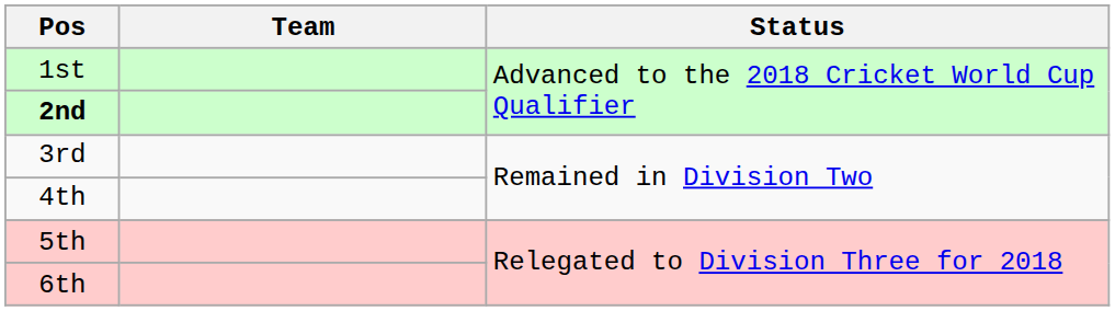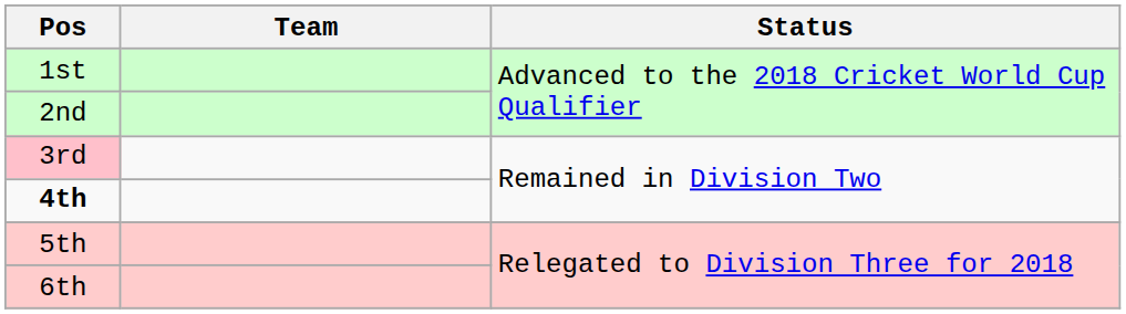 <table class="wikitable">
 <tr>
 <th width=50>Pos</th>
 <th width=175>Team</th>
 <th width=300>Status</th>
 </tr>
 <tr style="background:#cfc">
 <td align="center">1st</td>
 <td></td>
 <td rowspan=2>Advanced to the <a href='#'>2018 Cricket World Cup Qualifier</a></td>
 </tr>
 <tr style="background:#cfc">
-<td align="center"><strong>2nd</strong></td>
+<td align="center">2nd</td>
 <td></td>
 </tr>
 <tr>
-<td align="center">3rd</td>
+<td align="center" style="background: pink;">3rd</td>
 <td></td>
 <td rowspan=2>Remained in <a href='#'>Division Two</a></td>
 </tr>
 <tr>
-<td align="center">4th</td>
+<td align="center"><strong>4th</strong></td>
 <td></td>
 </tr>
 <tr style="background:#fcc">
 <td align="center">5th</td>
 <td></td>
 <td rowspan=2>Relegated to <a href='#'>Division Three for 2018</a></td>
 </tr>
 <tr style="background:#fcc">
 <td align="center">6th</td>
 <td></td>
 </tr>
 </table>
